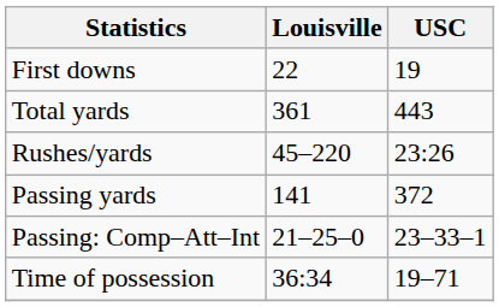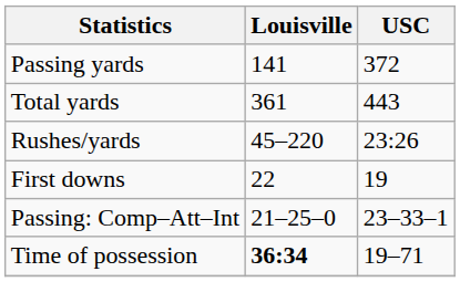 <table class="wikitable" style="float: left;">
 <tr>
 <th>Statistics</th>
 <th>Louisville</th>
 <th>USC</th>
 </tr>
 <tr>
-<td>First downs</td>
-<td>22</td>
-<td>19</td>
+<td>Passing yards</td>
+<td>141</td>
+<td>372</td>
 </tr>
 <tr>
 <td>Total yards</td>
 <td>361</td>
 <td>443</td>
 </tr>
 <tr>
 <td>Rushes/yards</td>
 <td>45–220</td>
 <td>23:26</td>
 </tr>
 <tr>
-<td>Passing yards</td>
-<td>141</td>
-<td>372</td>
+<td>First downs</td>
+<td>22</td>
+<td>19</td>
 </tr>
 <tr>
 <td>Passing: Comp–Att–Int</td>
 <td>21–25–0</td>
 <td>23–33–1</td>
 </tr>
 <tr>
 <td>Time of possession</td>
-<td>36:34</td>
+<td><strong>36:34</strong></td>
 <td>19–71</td>
 </tr>
 <tr>
 </tr>
 </table>
